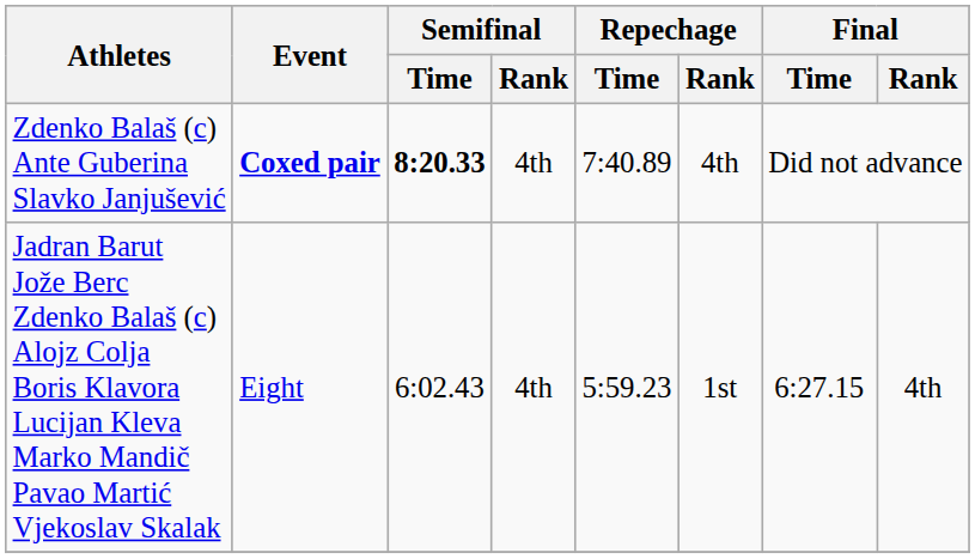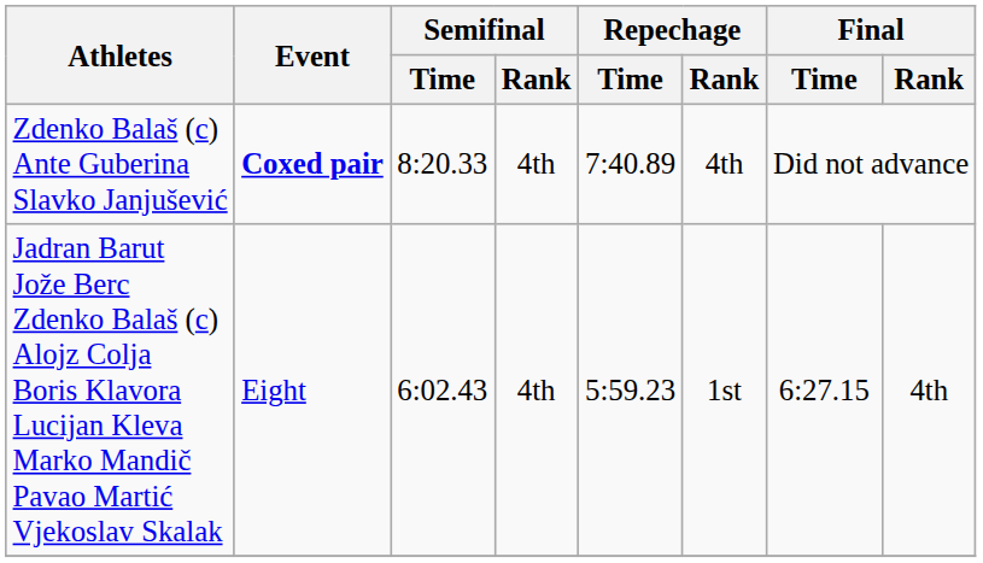 <table class=wikitable style=font-size:95%;text-align:center>
 <tr>
 <th rowspan=2>Athletes</th>
 <th rowspan=2>Event</th>
 <th colspan=2>Semifinal</th>
 <th colspan=2>Repechage</th>
 <th colspan=2>Final</th>
 </tr>
 <tr style=font-size:100%>
 <th>Time</th>
 <th>Rank</th>
 <th>Time</th>
 <th>Rank</th>
 <th>Time</th>
 <th>Rank</th>
 </tr>
 <tr>
 <td align=left><a href='#'>Zdenko Balaš</a> (<a href='#'>c</a>)<br><a href='#'>Ante Guberina</a><br><a href='#'>Slavko Janjušević</a></td>
 <td align=left rowspan=1><strong><a href='#'>Coxed pair</a></strong></td>
-<td><strong>8:20.33</strong></td>
+<td>8:20.33</td>
 <td>4th</td>
 <td>7:40.89</td>
 <td>4th</td>
 <td colspan=2>Did not advance</td>
 </tr>
 <tr>
 <td align=left><a href='#'>Jadran Barut</a><br><a href='#'>Jože Berc</a><br><a href='#'>Zdenko Balaš</a> (<a href='#'>c</a>)<br><a href='#'>Alojz Colja</a><br><a href='#'>Boris Klavora</a><br><a href='#'>Lucijan Kleva</a><br><a href='#'>Marko Mandič</a><br><a href='#'>Pavao Martić</a><br><a href='#'>Vjekoslav Skalak</a></td>
 <td align=left rowspan=1><a href='#'>Eight</a></td>
 <td>6:02.43</td>
 <td>4th</td>
 <td>5:59.23</td>
 <td>1st</td>
 <td>6:27.15</td>
 <td>4th</td>
 </tr>
 <tr>
 </tr>
 </table>
